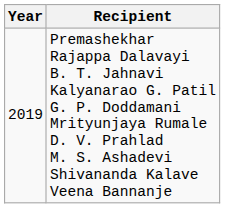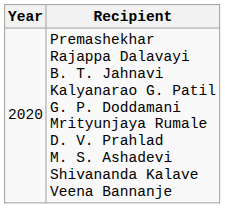 <table class="wikitable sortable">
 <tr>
 <th>Year</th>
 <th>Recipient</th>
 </tr>
 <tr>
-<td>2019</td>
+<td>2020</td>
 <td>Premashekhar<br>Rajappa Dalavayi<br>B. T. Jahnavi<br>Kalyanarao G. Patil<br>G. P. Doddamani<br>Mrityunjaya Rumale<br>D. V. Prahlad<br>M. S. Ashadevi<br>Shivananda Kalave<br>Veena Bannanje</td>
 </tr>
 </table>
